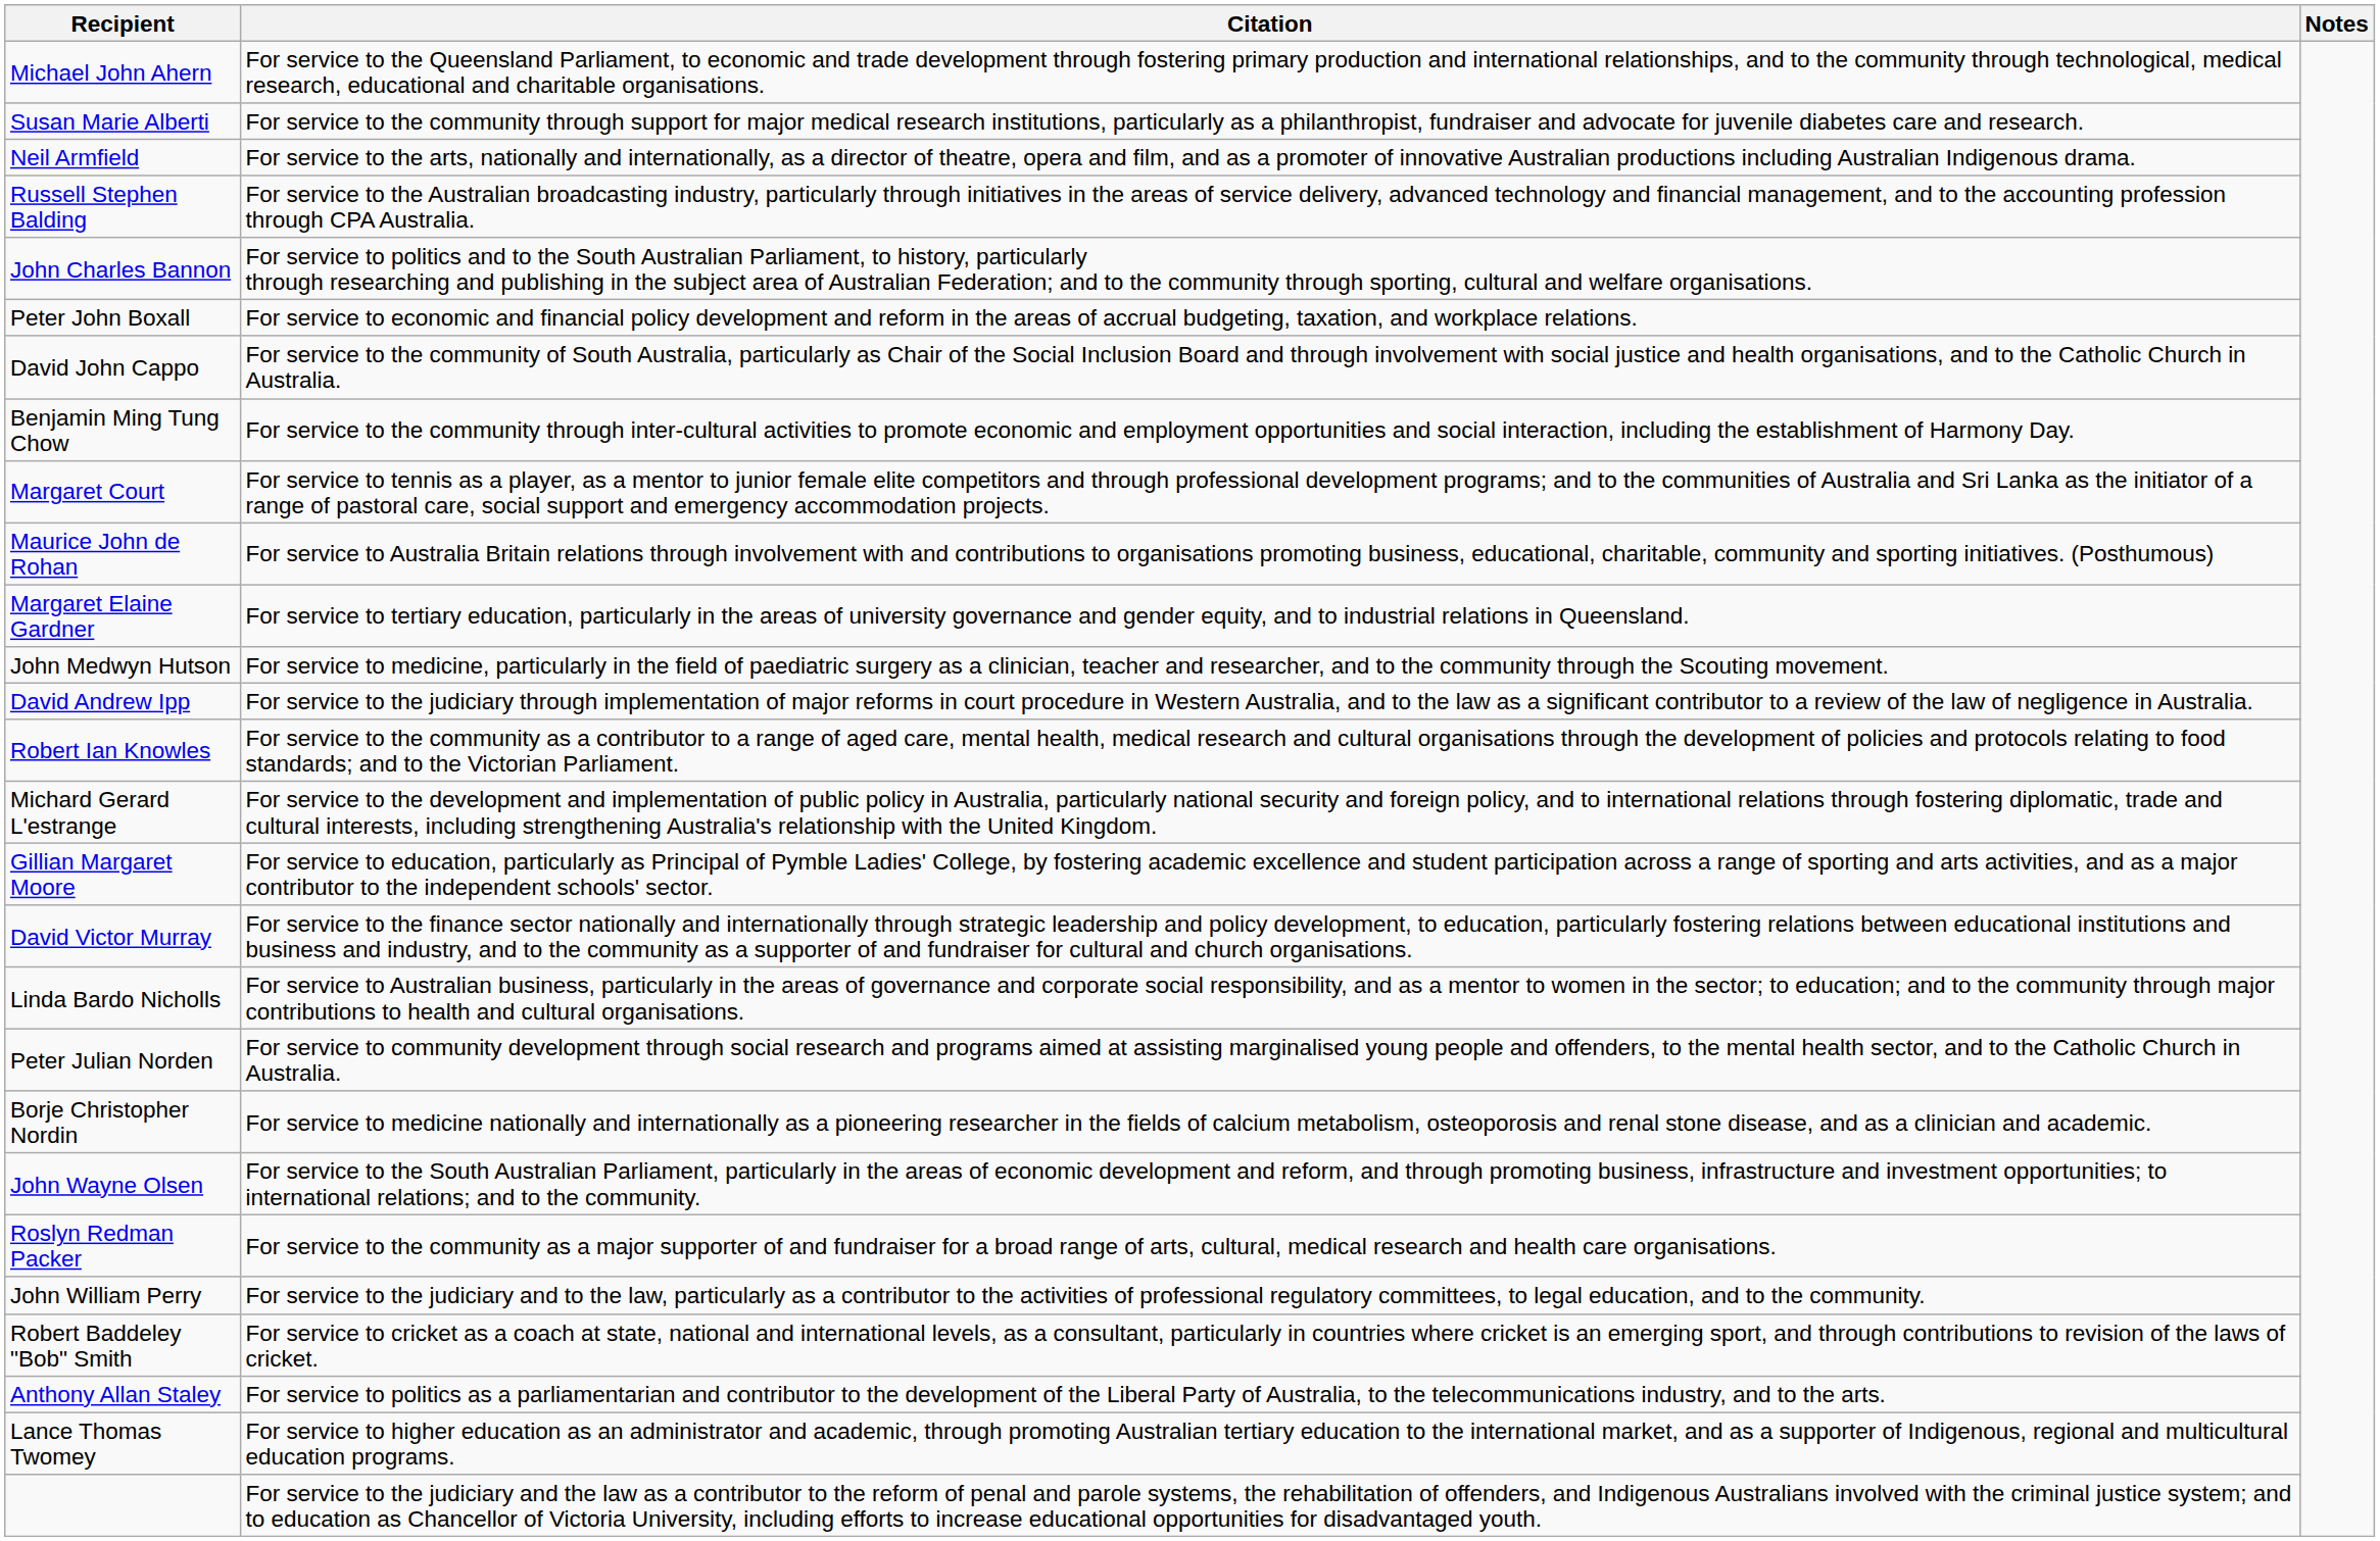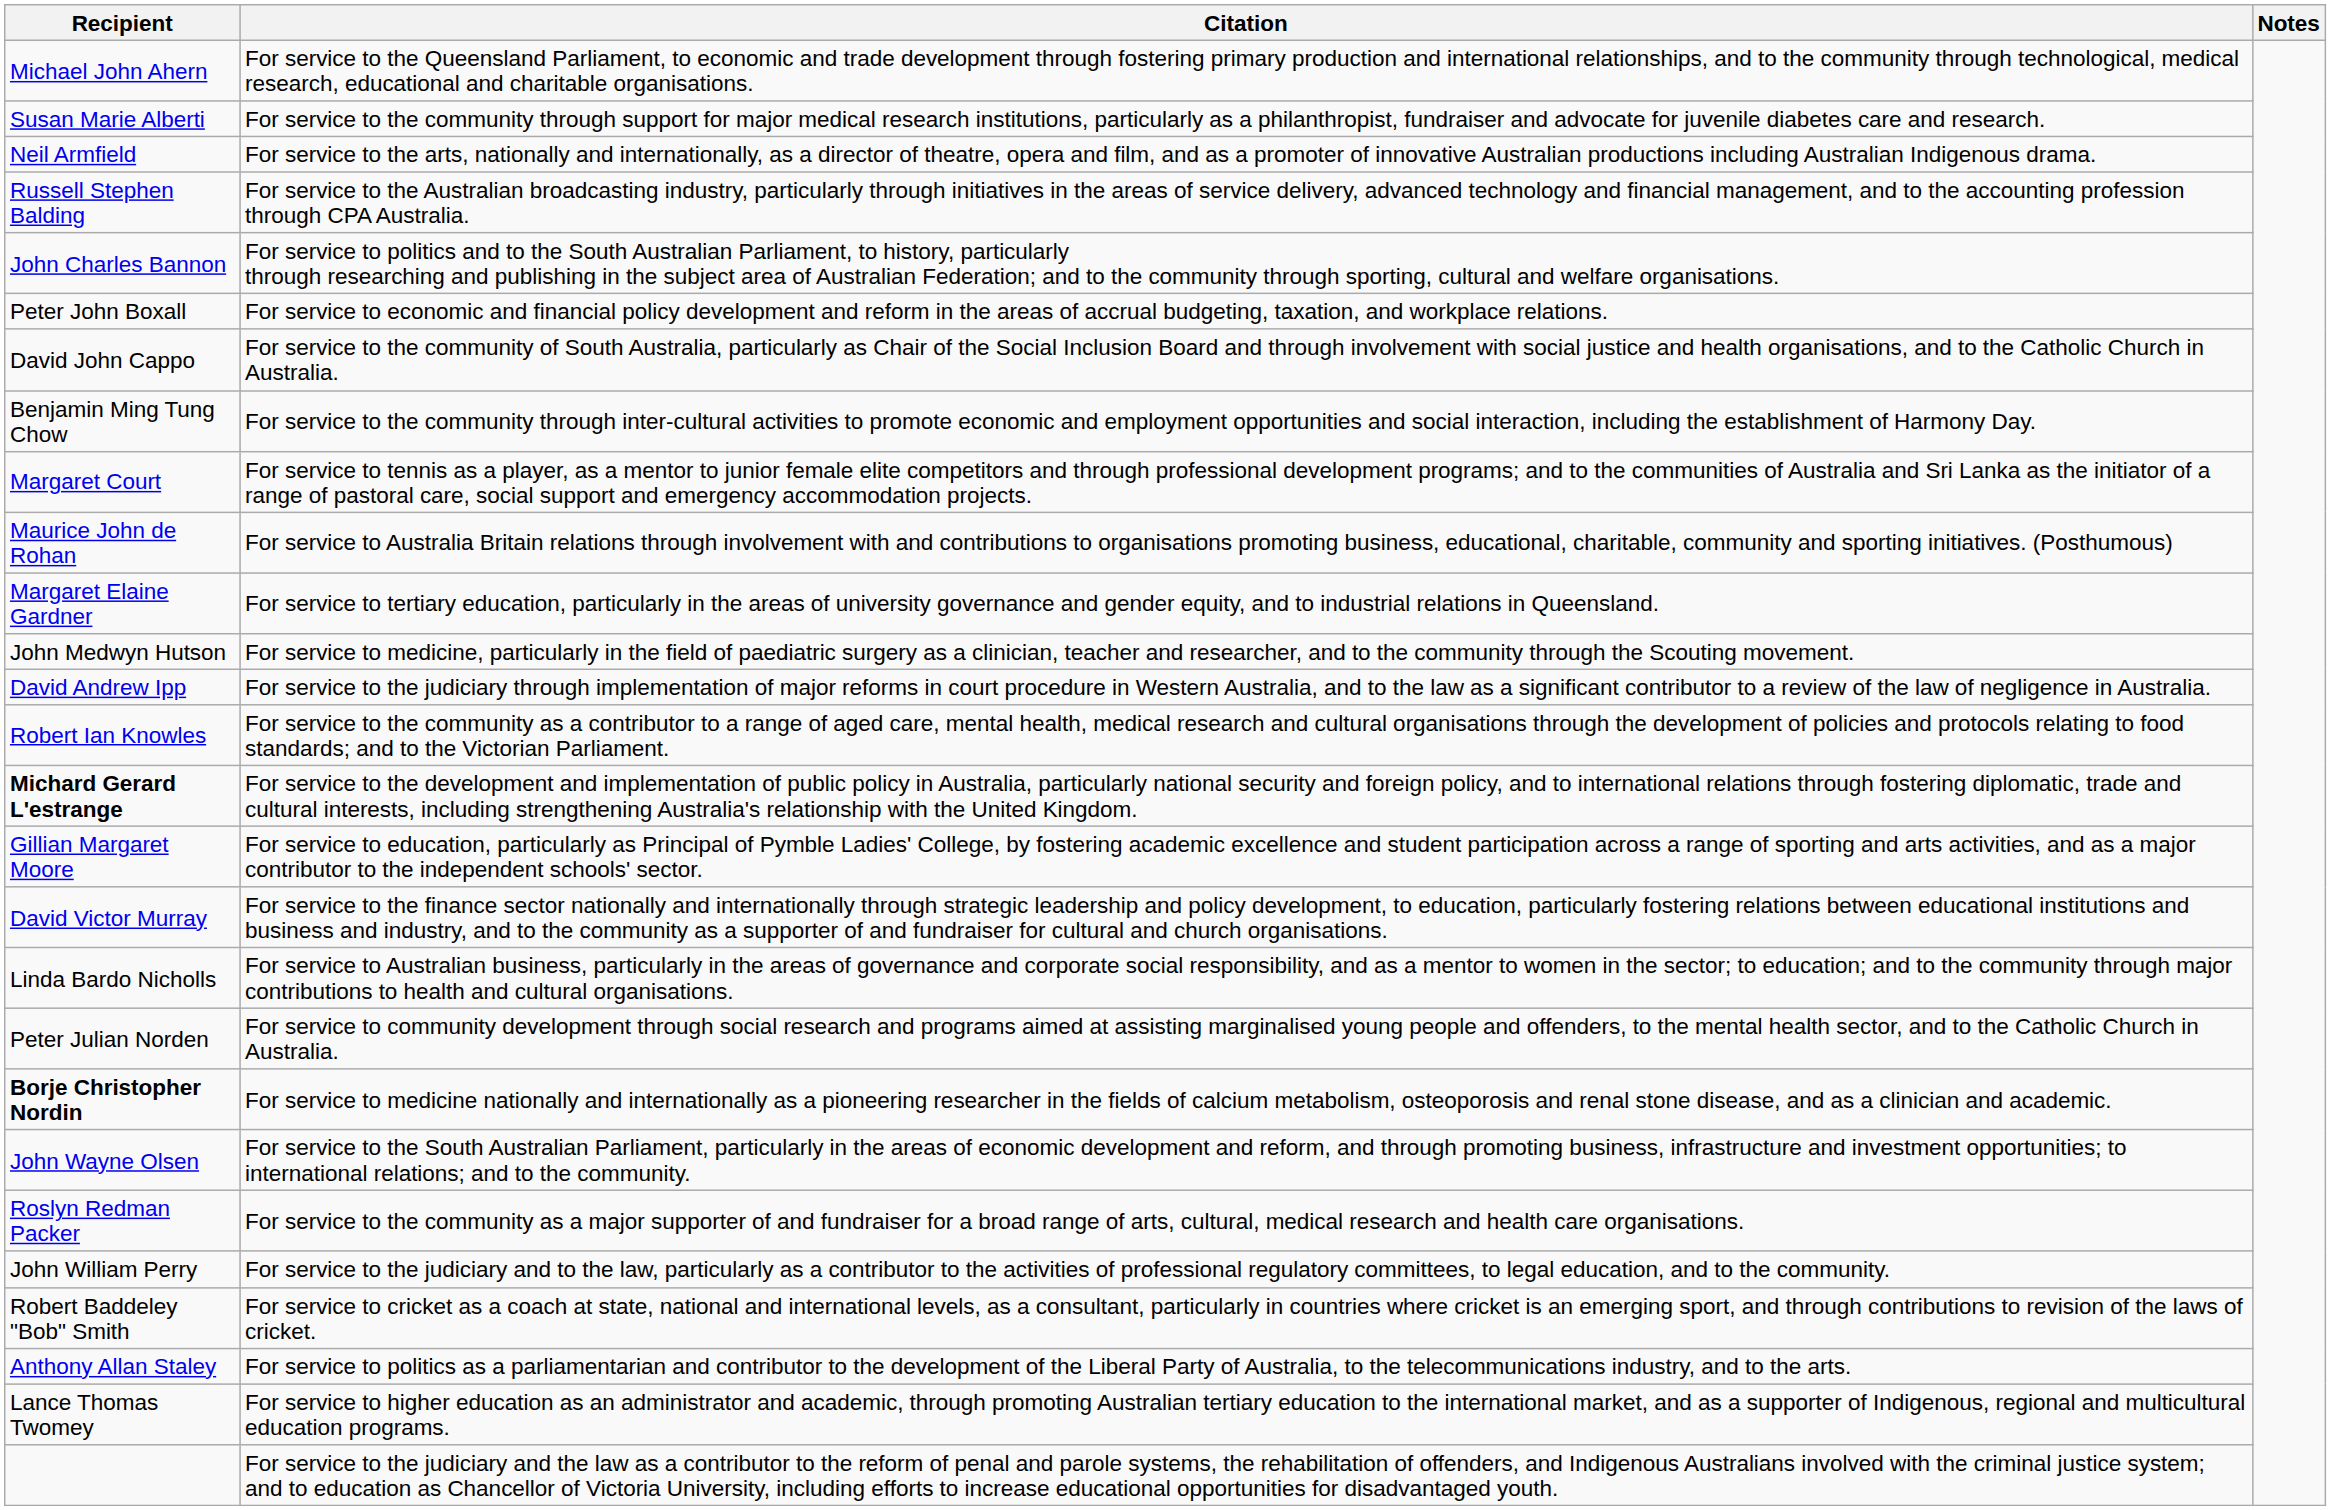 <table class="wikitable" style="font-size:95%;">
 <tr>
 <th>Recipient</th>
 <th>Citation</th>
 <th>Notes</th>
 </tr>
 <tr>
 <td> <a href='#'>Michael John Ahern</a></td>
 <td>For service to the Queensland Parliament, to economic and trade development through fostering primary production and international relationships, and to the community through technological, medical research, educational and charitable organisations.</td>
 <td rowspan=30></td>
 </tr>
 <tr>
 <td> <a href='#'>Susan Marie Alberti</a> </td>
 <td>For service to the community through support for major medical research institutions, particularly as a philanthropist, fundraiser and advocate for juvenile diabetes care and research.</td>
 </tr>
 <tr>
 <td> <a href='#'>Neil Armfield</a></td>
 <td>For service to the arts, nationally and internationally, as a director of theatre, opera and film, and as a promoter of innovative Australian productions including Australian Indigenous drama.</td>
 </tr>
 <tr>
 <td><a href='#'>Russell Stephen Balding</a></td>
 <td>For service to the Australian broadcasting industry, particularly through initiatives in the areas of service delivery, advanced technology and financial management, and to the accounting profession through CPA Australia.</td>
 </tr>
 <tr>
 <td> <a href='#'>John Charles Bannon</a></td>
 <td>For service to politics and to the South Australian Parliament, to history, particularly<br>through researching and publishing in the subject area of Australian Federation; and to the community through sporting, cultural and welfare organisations.</td>
 </tr>
 <tr>
 <td> Peter John Boxall</td>
 <td>For service to economic and financial policy development and reform in the areas of accrual budgeting, taxation, and workplace relations.</td>
 </tr>
 <tr>
 <td> David John Cappo</td>
 <td>For service to the community of South Australia, particularly as Chair of the Social Inclusion Board and through involvement with social justice and health organisations, and to the Catholic Church in Australia.</td>
 </tr>
 <tr>
 <td>Benjamin Ming Tung Chow</td>
 <td>For service to the community through inter-cultural activities to promote economic and employment opportunities and social interaction, including the establishment of Harmony Day.</td>
 </tr>
 <tr>
 <td> <a href='#'>Margaret Court</a> </td>
 <td>For service to tennis as a player, as a mentor to junior female elite competitors and through professional development programs; and to the communities of Australia and Sri Lanka as the initiator of a range of pastoral care, social support and emergency accommodation projects.</td>
 </tr>
 <tr>
 <td><a href='#'>Maurice John de Rohan</a> </td>
 <td>For service to Australia Britain relations through involvement with and contributions to organisations promoting business, educational, charitable, community and sporting initiatives. (Posthumous)</td>
 </tr>
 <tr>
 <td> <a href='#'>Margaret Elaine Gardner</a></td>
 <td>For service to tertiary education, particularly in the areas of university governance and gender equity, and to industrial relations in Queensland.</td>
 </tr>
 <tr>
 <td> John Medwyn Hutson</td>
 <td>For service to medicine, particularly in the field of paediatric surgery as a clinician, teacher and researcher, and to the community through the Scouting movement.</td>
 </tr>
 <tr>
 <td> <a href='#'>David Andrew Ipp</a></td>
 <td>For service to the judiciary through implementation of major reforms in court procedure in Western Australia, and to the law as a significant contributor to a review of the law of negligence in Australia.</td>
 </tr>
 <tr>
 <td> <a href='#'>Robert Ian Knowles</a></td>
 <td>For service to the community as a contributor to a range of aged care, mental health, medical research and cultural organisations through the development of policies and protocols relating to food standards; and to the Victorian Parliament.</td>
 </tr>
 <tr>
-<td>Michard Gerard L'estrange</td>
+<td><strong>Michard Gerard L'estrange</strong></td>
 <td>For service to the development and implementation of public policy in Australia, particularly national security and foreign policy, and to international relations through fostering diplomatic, trade and cultural interests, including strengthening Australia's relationship with the United Kingdom.</td>
 </tr>
 <tr>
 <td><a href='#'>Gillian Margaret Moore</a></td>
 <td>For service to education, particularly as Principal of Pymble Ladies' College, by fostering academic excellence and student participation across a range of sporting and arts activities, and as a major contributor to the independent schools' sector.</td>
 </tr>
 <tr>
 <td><a href='#'>David Victor Murray</a></td>
 <td>For service to the finance sector nationally and internationally through strategic leadership and policy development, to education, particularly fostering relations between educational institutions and business and industry, and to the community as a supporter of and fundraiser for cultural and church organisations.</td>
 </tr>
 <tr>
 <td>Linda Bardo Nicholls</td>
 <td>For service to Australian business, particularly in the areas of governance and corporate social responsibility, and as a mentor to women in the sector; to education; and to the community through major contributions to health and cultural organisations.</td>
 </tr>
 <tr>
 <td> Peter Julian Norden</td>
 <td>For service to community development through social research and programs aimed at assisting marginalised young people and offenders, to the mental health sector, and to the Catholic Church in Australia.</td>
 </tr>
 <tr>
-<td> Borje Christopher Nordin</td>
+<td><strong> Borje Christopher Nordin</strong></td>
 <td>For service to medicine nationally and internationally as a pioneering researcher in the fields of calcium metabolism, osteoporosis and renal stone disease, and as a clinician and academic.</td>
 </tr>
 <tr>
 <td> <a href='#'>John Wayne Olsen</a></td>
 <td>For service to the South Australian Parliament, particularly in the areas of economic development and reform, and through promoting business, infrastructure and investment opportunities; to international relations; and to the community.</td>
 </tr>
 <tr>
 <td><a href='#'>Roslyn Redman Packer</a></td>
 <td>For service to the community as a major supporter of and fundraiser for a broad range of arts, cultural, medical research and health care organisations.</td>
 </tr>
 <tr>
 <td> John William Perry</td>
 <td>For service to the judiciary and to the law, particularly as a contributor to the activities of professional regulatory committees, to legal education, and to the community.</td>
 </tr>
 <tr>
 <td>Robert Baddeley "Bob" Smith </td>
 <td>For service to cricket as a coach at state, national and international levels, as a consultant, particularly in countries where cricket is an emerging sport, and through contributions to revision of the laws of cricket.</td>
 </tr>
 <tr>
 <td> <a href='#'>Anthony Allan Staley</a></td>
 <td>For service to politics as a parliamentarian and contributor to the development of the Liberal Party of Australia, to the telecommunications industry, and to the arts.</td>
 </tr>
 <tr>
 <td> Lance Thomas Twomey </td>
 <td>For service to higher education as an administrator and academic, through promoting Australian tertiary education to the international market, and as a supporter of Indigenous, regional and multicultural education programs.</td>
 </tr>
 <tr>
 <td></td>
 <td>For service to the judiciary and the law as a contributor to the reform of penal and parole systems, the rehabilitation of offenders, and Indigenous Australians involved with the criminal justice system; and to education as Chancellor of Victoria University, including efforts to increase educational opportunities for disadvantaged youth.</td>
 </tr>
 </table>
